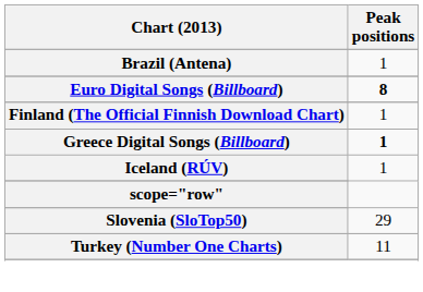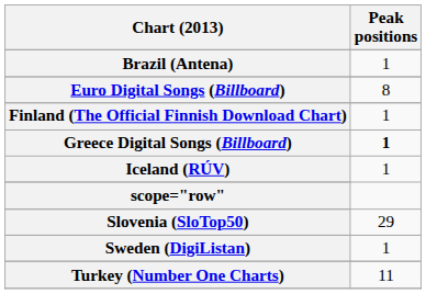 <table class="wikitable plainrowheaders sortable" style="text-align:center;">
 <tr>
 <th>Chart (2013)</th>
 <th>Peak<br>positions</th>
 </tr>
 <tr>
 </tr>
 <tr>
 </tr>
 <tr>
 </tr>
 <tr>
 </tr>
 <tr>
 <th scope="row">Brazil (Antena)</th>
 <td style="text-align:center;">1</td>
 </tr>
 <tr>
 </tr>
 <tr>
 </tr>
 <tr>
 <th scope="row"><a href='#'>Euro Digital Songs</a> (<em><a href='#'>Billboard</a></em>)</th>
-<td><strong>8</strong></td>
+<td>8</td>
 </tr>
 <tr>
 </tr>
 <tr>
 <th scope="row">Finland (<a href='#'>The Official Finnish Download Chart</a>)</th>
 <td style="text-align:center;">1</td>
 </tr>
 <tr>
 </tr>
 <tr>
 </tr>
 <tr>
 <th scope="row">Greece Digital Songs (<em><a href='#'>Billboard</a></em>)</th>
 <td style="text-align:center;"><strong>1</strong></td>
 </tr>
 <tr>
 <th scope="row">Iceland (<a href='#'>RÚV</a>)</th>
 <td style="text-align:center;">1</td>
 </tr>
 <tr>
 </tr>
 <tr>
 <th>scope="row" </th>
 </tr>
 <tr>
 </tr>
 <tr>
 </tr>
 <tr>
 </tr>
 <tr>
 </tr>
 <tr>
 </tr>
 <tr>
 </tr>
 <tr>
 <th scope="row">Slovenia (<a href='#'>SloTop50</a>)</th>
 <td align=center>29</td>
 </tr>
 <tr>
 </tr>
 <tr>
 </tr>
 <tr>
+<th scope="row">Sweden (<a href='#'>DigiListan</a>)</th>
+<td style="text-align:center;">1</td>
+</tr>
+<tr>
 </tr>
 <tr>
 <th scope="row">Turkey (<a href='#'>Number One Charts</a>)</th>
 <td style="text-align:center;">11</td>
 </tr>
 <tr>
 </tr>
 <tr>
 </tr>
 </table>
